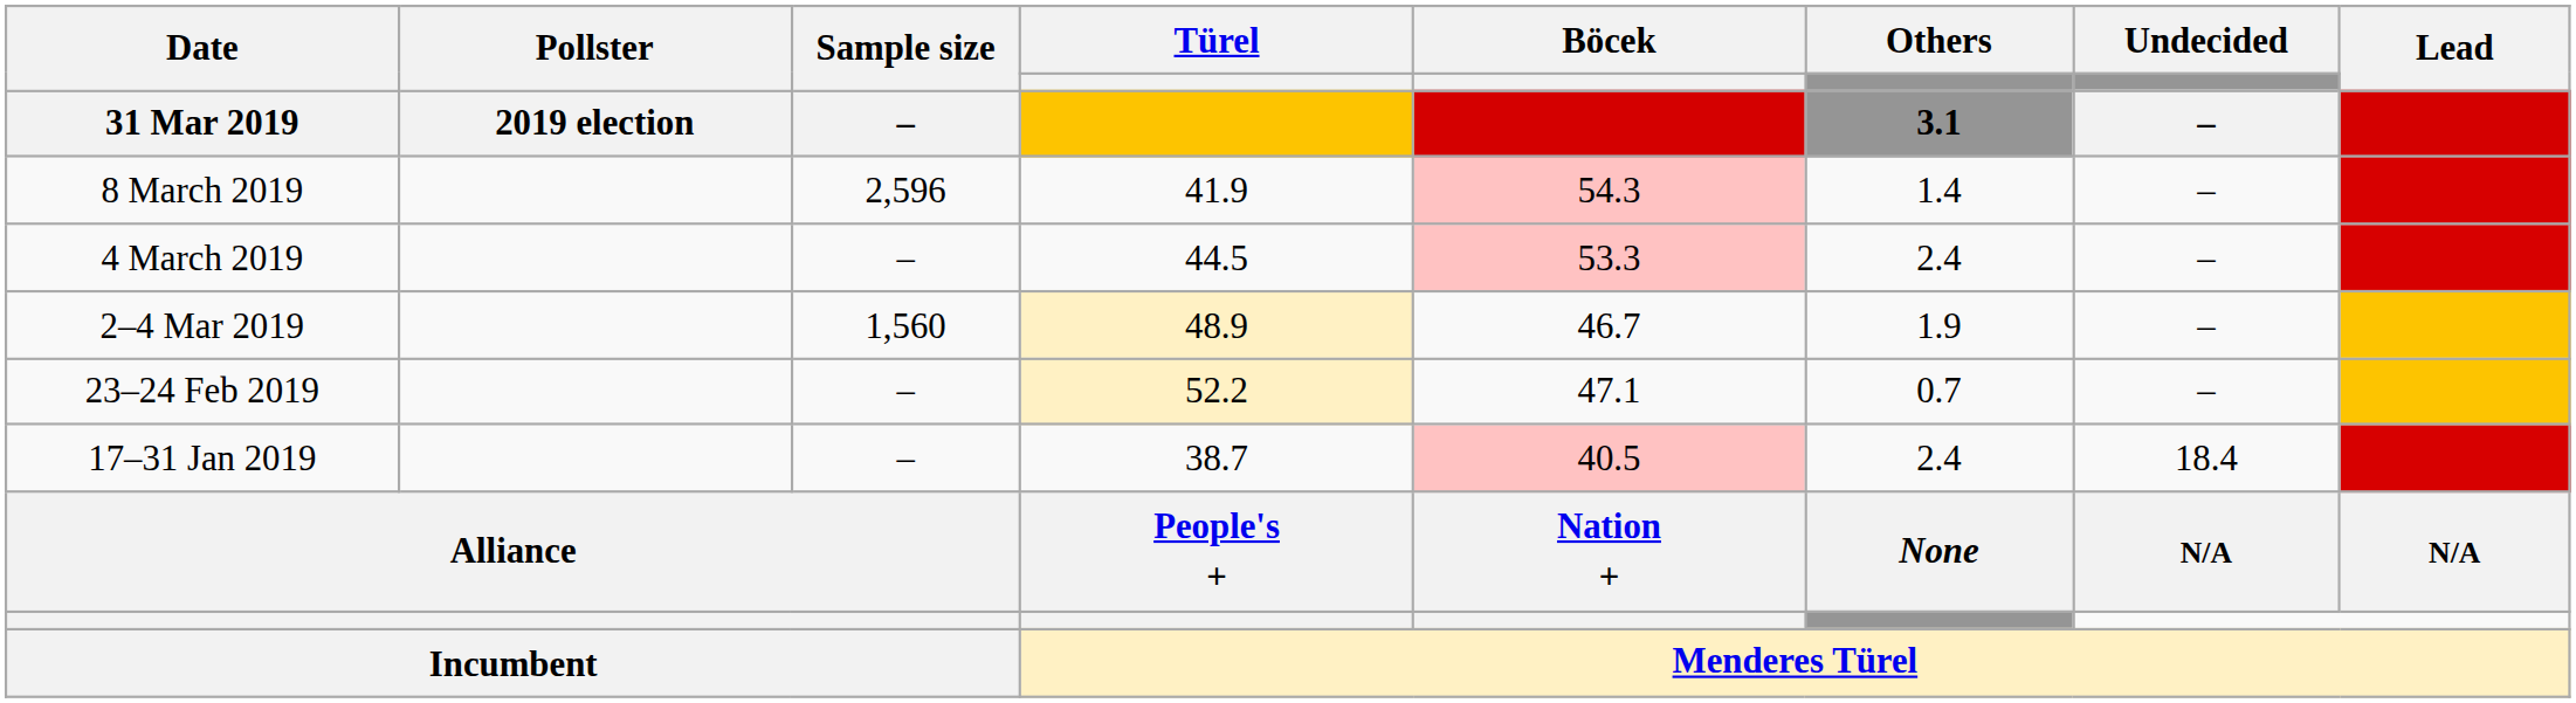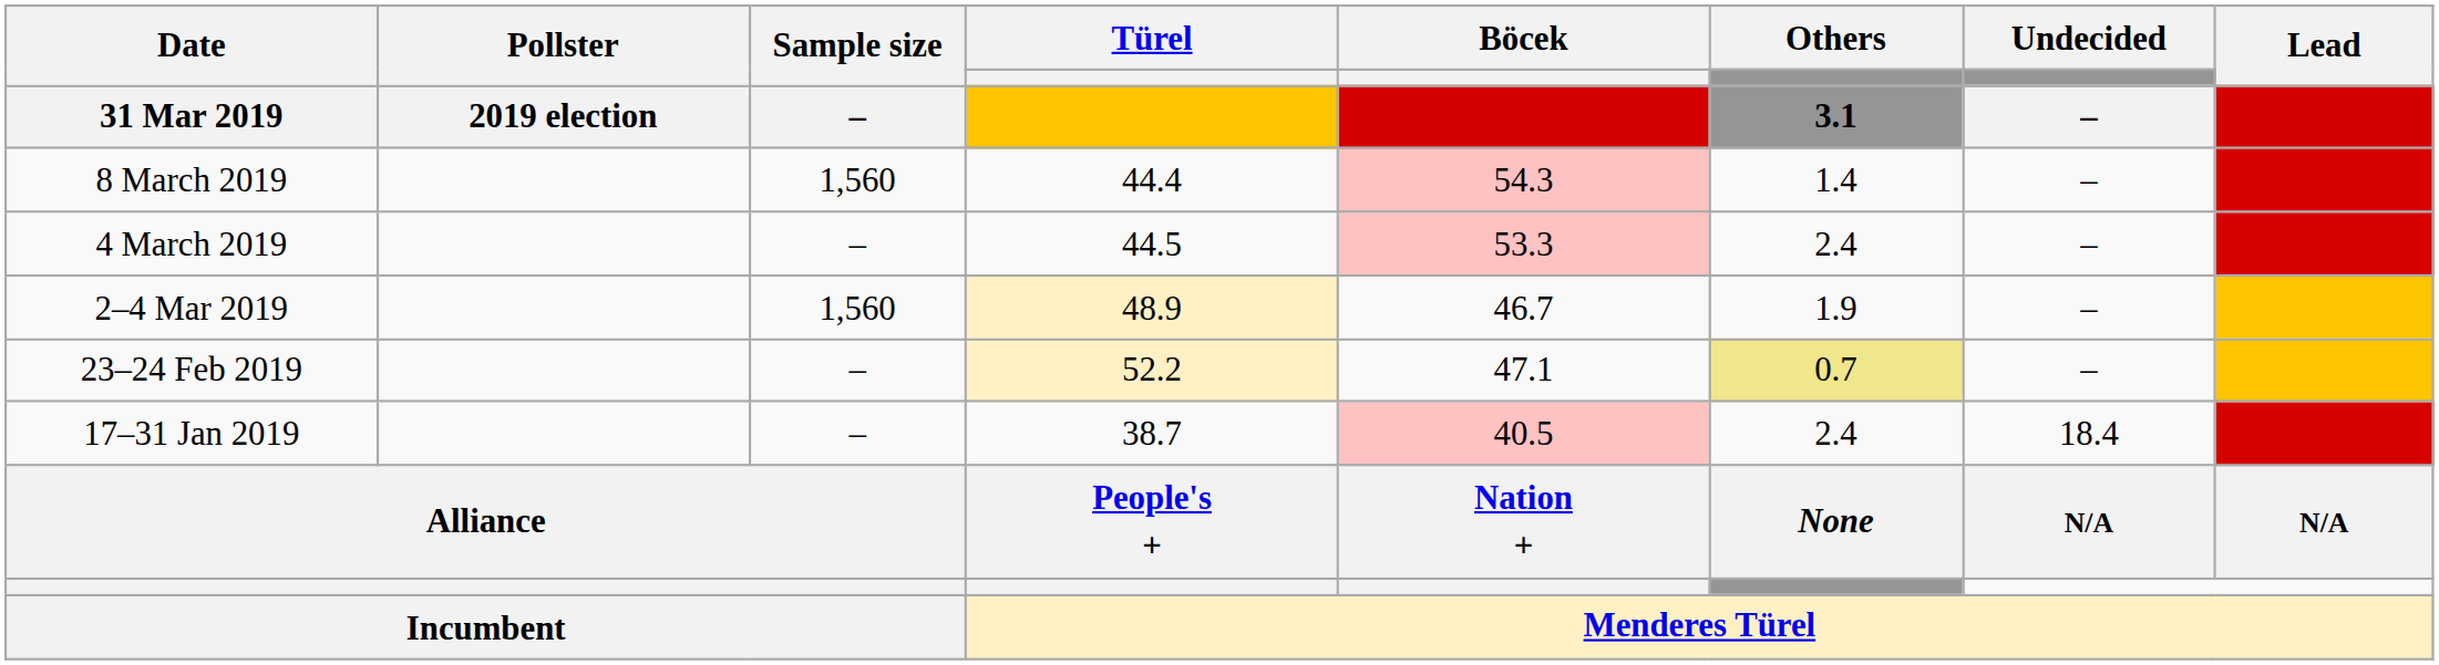 <table class="wikitable" style="text-align:center; font-size:90%; line-height:20px;">
 <tr>
 <th rowspan=2 width="150px">Date</th>
 <th rowspan=2 width="150px">Pollster</th>
 <th rowspan=2 width="85px">Sample size</th>
 <th width=150><a href='#'>Türel</a></th>
 <th width=150>Böcek</th>
 <th width=100>Others</th>
 <th width=100>Undecided</th>
 <th width=85 rowspan=2>Lead</th>
 </tr>
 <tr>
 <th style="background: "></th>
 <th style="background: "></th>
 <th style="background: #959595"></th>
 <th style="background: #959595"></th>
 </tr>
 <tr>
 <th>31 Mar 2019</th>
 <th>2019 election</th>
 <th>–</th>
 <th style="background: #fdc400"></th>
 <th style="background: #d40000"></th>
 <th style="background: #959595">3.1</th>
 <th>–</th>
 <th style="background: #d40000"></th>
 </tr>
 <tr>
 <td>8 March 2019</td>
 <td></td>
-<td>2,596</td>
-<td>41.9</td>
+<td>1,560</td>
+<td>44.4</td>
 <td style="background: #FFC2C2">54.3</td>
 <td>1.4</td>
 <td>–</td>
 <td style="background: #d70000"></td>
 </tr>
 <tr>
 <td>4 March 2019</td>
 <td></td>
 <td>–</td>
 <td>44.5</td>
 <td style="background: #FFC2C2">53.3</td>
 <td>2.4</td>
 <td>–</td>
 <td style="background: #d70000"></td>
 </tr>
 <tr>
 <td>2–4 Mar 2019</td>
 <td></td>
 <td>1,560</td>
 <td style="background: #FFF1C4">48.9</td>
 <td>46.7</td>
 <td>1.9</td>
 <td>–</td>
 <td style="background: #fdc400"></td>
 </tr>
 <tr>
 <td>23–24 Feb 2019</td>
 <td></td>
 <td>–</td>
 <td style="background: #FFF1C4">52.2</td>
 <td>47.1</td>
-<td>0.7</td>
+<td style="background: khaki;">0.7</td>
 <td>–</td>
 <td style="background: #fdc400"></td>
 </tr>
 <tr>
 <td>17–31 Jan 2019</td>
 <td></td>
 <td>–</td>
 <td>38.7</td>
 <td style="background: #FFC2C2">40.5</td>
 <td>2.4</td>
 <td>18.4</td>
 <td style="background: #d70000"></td>
 </tr>
 <tr>
 <th colspan=3>Alliance</th>
 <th width=150><a href='#'>People's</a><br><small></small> + <small></small></th>
 <th width=150><a href='#'>Nation</a><br><small></small> + <small></small></th>
 <th width=100><em>None</em></th>
 <th width=100><small>N/A</small></th>
 <th width=85><small>N/A</small></th>
 </tr>
 <tr>
 <th colspan=3></th>
 <th style="background: "></th>
 <th style="background: "></th>
 <th style="background: #959595"></th>
 </tr>
 <tr>
 <th colspan=3>Incumbent</th>
 <th style="background:  #FFF1C4" colspan=5><a href='#'>Menderes Türel</a> <small></small></th>
 </tr>
 </table>
